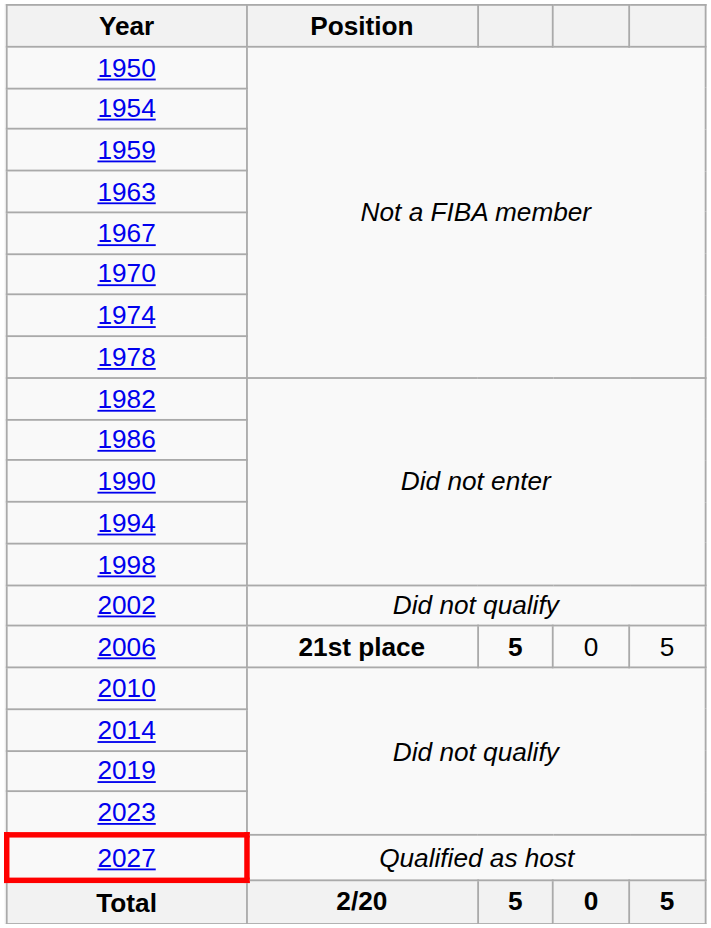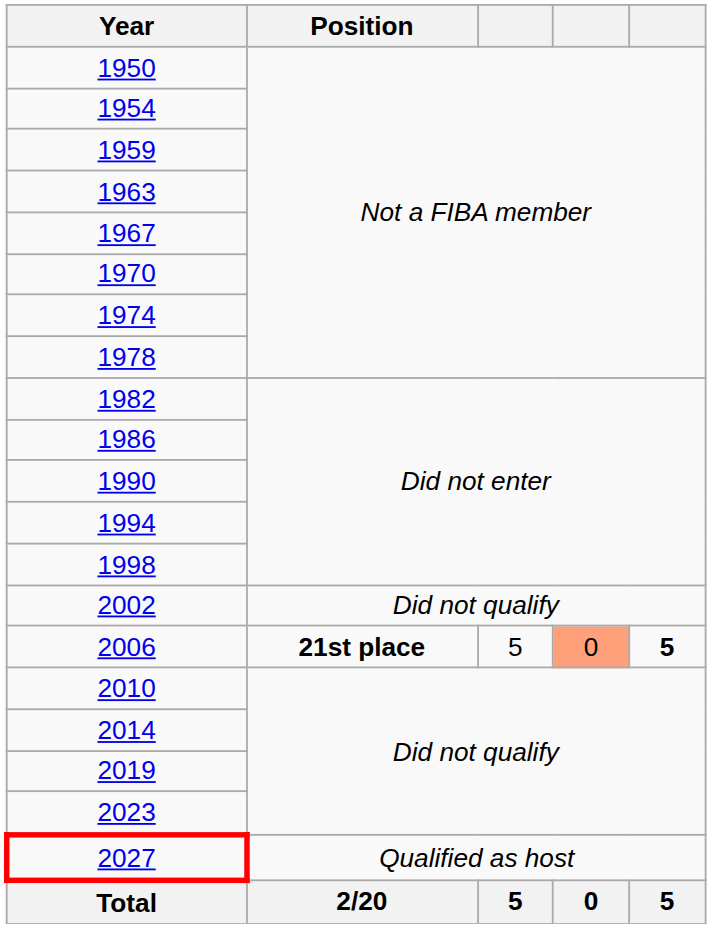 <table class="wikitable" style="text-align: center;font-size:90%;">
 <tr>
 <th width=125>Year</th>
 <th width=120>Position</th>
 <th width=35></th>
 <th width=35></th>
 <th width=35></th>
 </tr>
 <tr>
 <td> <a href='#'>1950</a></td>
 <td rowspan=8 colspan="4"><em>Not a FIBA member</em></td>
 </tr>
 <tr>
 <td> <a href='#'>1954</a></td>
 </tr>
 <tr>
 <td> <a href='#'>1959</a></td>
 </tr>
 <tr>
 <td> <a href='#'>1963</a></td>
 </tr>
 <tr>
 <td> <a href='#'>1967</a></td>
 </tr>
 <tr>
 <td> <a href='#'>1970</a></td>
 </tr>
 <tr>
 <td> <a href='#'>1974</a></td>
 </tr>
 <tr>
 <td> <a href='#'>1978</a></td>
 </tr>
 <tr>
 <td> <a href='#'>1982</a></td>
 <td rowspan=5 colspan="4"><em>Did not enter</em></td>
 </tr>
 <tr>
 <td> <a href='#'>1986</a></td>
 </tr>
 <tr>
 <td> <a href='#'>1990</a></td>
 </tr>
 <tr>
 <td> <a href='#'>1994</a></td>
 </tr>
 <tr>
 <td> <a href='#'>1998</a></td>
 </tr>
 <tr>
 <td> <a href='#'>2002</a></td>
 <td colspan="4"><em>Did not qualify</em></td>
 </tr>
 <tr>
 <td> <a href='#'>2006</a></td>
 <td><strong>21st place</strong></td>
+<td>5</td>
+<td style="background: lightsalmon;">0</td>
 <td><strong>5</strong></td>
-<td>0</td>
-<td>5</td>
 </tr>
 <tr>
 <td> <a href='#'>2010</a></td>
 <td rowspan=4 colspan="4"><em>Did not qualify</em></td>
 </tr>
 <tr>
 <td> <a href='#'>2014</a></td>
 </tr>
 <tr>
 <td> <a href='#'>2019</a></td>
 </tr>
 <tr>
 <td>   <a href='#'>2023</a></td>
 </tr>
 <tr>
 <td style="border: 3px solid red"> <a href='#'>2027</a></td>
 <td colspan="4"><em>Qualified as host</em></td>
 </tr>
 <tr>
 <th>Total</th>
 <th>2/20</th>
 <th>5</th>
 <th>0</th>
 <th>5</th>
 </tr>
 </table>
